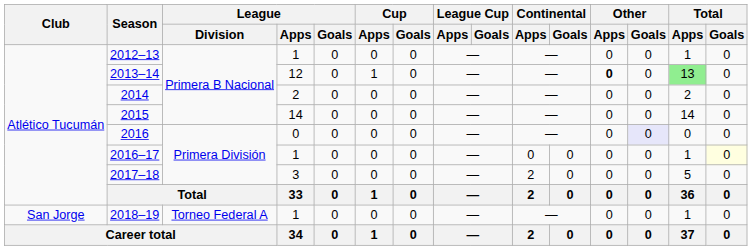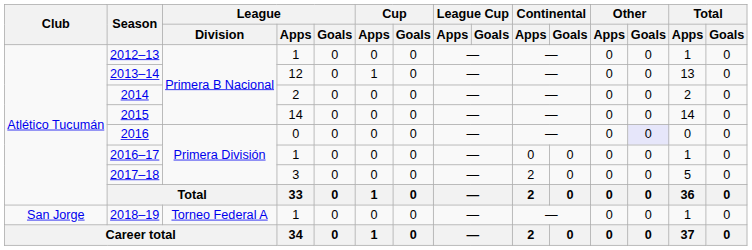 <table class="wikitable" style="text-align:center">
 <tr>
 <th rowspan="2">Club</th>
 <th rowspan="2">Season</th>
 <th colspan="3">League</th>
 <th colspan="2">Cup</th>
 <th colspan="2">League Cup</th>
 <th colspan="2">Continental</th>
 <th colspan="2">Other</th>
 <th colspan="2">Total</th>
 </tr>
 <tr>
 <th>Division</th>
 <th>Apps</th>
 <th>Goals</th>
 <th>Apps</th>
 <th>Goals</th>
 <th>Apps</th>
 <th>Goals</th>
 <th>Apps</th>
 <th>Goals</th>
 <th>Apps</th>
 <th>Goals</th>
 <th>Apps</th>
 <th>Goals</th>
 </tr>
 <tr>
 <td rowspan="8"><a href='#'>Atlético Tucumán</a></td>
 <td><a href='#'>2012–13</a></td>
 <td rowspan="4"><a href='#'>Primera B Nacional</a></td>
 <td>1</td>
 <td>0</td>
 <td>0</td>
 <td>0</td>
 <td colspan="2">—</td>
 <td colspan="2">—</td>
 <td>0</td>
 <td>0</td>
 <td>1</td>
 <td>0</td>
 </tr>
 <tr>
 <td><a href='#'>2013–14</a></td>
 <td>12</td>
 <td>0</td>
 <td>1</td>
 <td>0</td>
 <td colspan="2">—</td>
 <td colspan="2">—</td>
-<td><strong>0</strong></td>
 <td>0</td>
-<td style="background: lightgreen;">13</td>
+<td>0</td>
+<td>13</td>
 <td>0</td>
 </tr>
 <tr>
 <td><a href='#'>2014</a></td>
 <td>2</td>
 <td>0</td>
 <td>0</td>
 <td>0</td>
 <td colspan="2">—</td>
 <td colspan="2">—</td>
 <td>0</td>
 <td>0</td>
 <td>2</td>
 <td>0</td>
 </tr>
 <tr>
 <td><a href='#'>2015</a></td>
 <td>14</td>
 <td>0</td>
 <td>0</td>
 <td>0</td>
 <td colspan="2">—</td>
 <td colspan="2">—</td>
 <td>0</td>
 <td>0</td>
 <td>14</td>
 <td>0</td>
 </tr>
 <tr>
 <td><a href='#'>2016</a></td>
 <td rowspan="3"><a href='#'>Primera División</a></td>
 <td>0</td>
 <td>0</td>
 <td>0</td>
 <td>0</td>
 <td colspan="2">—</td>
 <td colspan="2">—</td>
 <td>0</td>
 <td style="background: lavender;">0</td>
 <td>0</td>
 <td>0</td>
 </tr>
 <tr>
 <td><a href='#'>2016–17</a></td>
 <td>1</td>
 <td>0</td>
 <td>0</td>
 <td>0</td>
 <td colspan="2">—</td>
 <td>0</td>
 <td>0</td>
 <td>0</td>
 <td>0</td>
 <td>1</td>
-<td style="background: lightyellow;">0</td>
+<td>0</td>
 </tr>
 <tr>
 <td><a href='#'>2017–18</a></td>
 <td>3</td>
 <td>0</td>
 <td>0</td>
 <td>0</td>
 <td colspan="2">—</td>
 <td>2</td>
 <td>0</td>
 <td>0</td>
 <td>0</td>
 <td>5</td>
 <td>0</td>
 </tr>
 <tr>
 <th colspan="2">Total</th>
 <th>33</th>
 <th>0</th>
 <th>1</th>
 <th>0</th>
 <th colspan="2">—</th>
 <th>2</th>
 <th>0</th>
 <th>0</th>
 <th>0</th>
 <th>36</th>
 <th>0</th>
 </tr>
 <tr>
 <td rowspan="1"><a href='#'>San Jorge</a></td>
 <td><a href='#'>2018–19</a></td>
 <td rowspan="1"><a href='#'>Torneo Federal A</a></td>
 <td>1</td>
 <td>0</td>
 <td>0</td>
 <td>0</td>
 <td colspan="2">—</td>
 <td colspan="2">—</td>
 <td>0</td>
 <td>0</td>
 <td>1</td>
 <td>0</td>
 </tr>
 <tr>
 <th colspan="3">Career total</th>
 <th>34</th>
 <th>0</th>
 <th>1</th>
 <th>0</th>
 <th colspan="2">—</th>
 <th>2</th>
 <th>0</th>
 <th>0</th>
 <th>0</th>
 <th>37</th>
 <th>0</th>
 </tr>
 </table>
